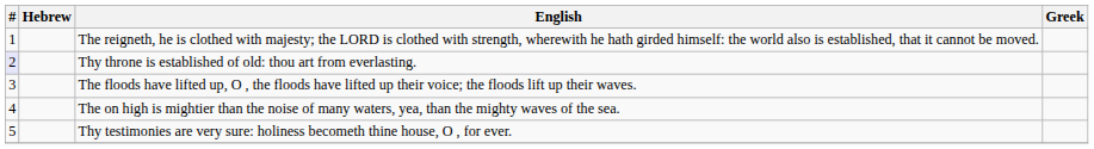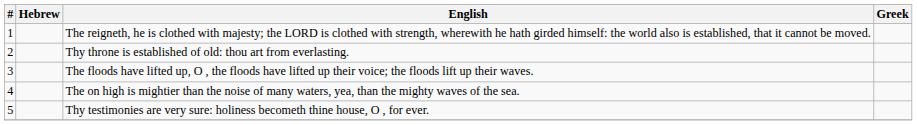 <table class=wikitable>
 <tr>
 <th>#</th>
 <th>Hebrew</th>
 <th>English</th>
 <th>Greek</th>
 </tr>
 <tr>
 <td style="text-align:right">1</td>
 <td style="text-align:right"></td>
 <td>The  reigneth, he is clothed with majesty; the LORD is clothed with strength, wherewith he hath girded himself: the world also is established, that it cannot be moved.</td>
 <td></td>
 </tr>
 <tr>
-<td style="background: lavender; text-align:right">2</td>
+<td style="text-align:right">2</td>
 <td style="text-align:right"></td>
 <td>Thy throne is established of old: thou art from everlasting.</td>
 <td></td>
 </tr>
 <tr>
 <td style="text-align:right">3</td>
 <td style="text-align:right"></td>
 <td>The floods have lifted up, O , the floods have lifted up their voice; the floods lift up their waves.</td>
 <td></td>
 </tr>
 <tr>
 <td style="text-align:right">4</td>
 <td style="text-align:right"></td>
 <td>The  on high is mightier than the noise of many waters, yea, than the mighty waves of the sea.</td>
 <td></td>
 </tr>
 <tr>
 <td style="text-align:right">5</td>
 <td style="text-align:right"></td>
 <td>Thy testimonies are very sure: holiness becometh thine house, O , for ever.</td>
 <td></td>
 </tr>
 <tr>
 </tr>
 </table>
